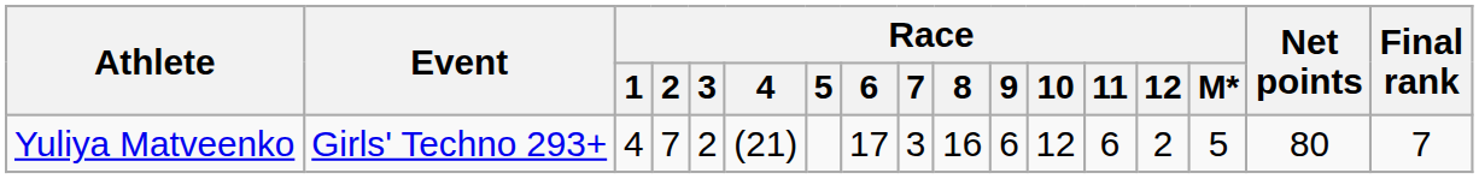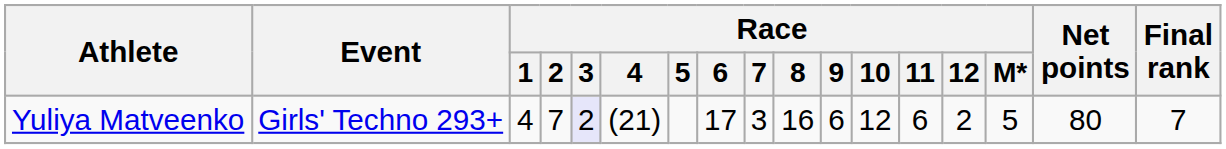 <table class="wikitable" style="font-size:90%">
 <tr>
 <th rowspan=2>Athlete</th>
 <th rowspan=2>Event</th>
 <th colspan=13>Race</th>
 <th rowspan=2>Net<br>points</th>
 <th rowspan=2>Final <br>rank</th>
 </tr>
 <tr style="font-size:95%">
 <th>1</th>
 <th>2</th>
 <th>3</th>
 <th>4</th>
 <th>5</th>
 <th>6</th>
 <th>7</th>
 <th>8</th>
 <th>9</th>
 <th>10</th>
 <th>11</th>
 <th>12</th>
 <th>M*</th>
 </tr>
 <tr align=center>
 <td align=left><a href='#'>Yuliya Matveenko</a></td>
 <td align=left><a href='#'>Girls' Techno 293+</a></td>
 <td>4</td>
 <td>7</td>
-<td>2</td>
+<td style="background: lavender;">2</td>
 <td>(21)</td>
 <td></td>
 <td>17</td>
 <td>3</td>
 <td>16</td>
 <td>6</td>
 <td>12</td>
 <td>6</td>
 <td>2</td>
 <td>5</td>
 <td>80</td>
 <td>7</td>
 </tr>
 </table>
